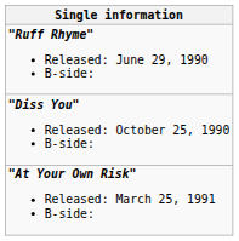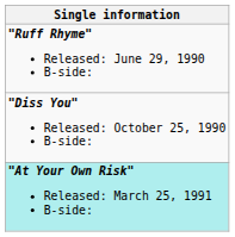 <table class="wikitable">
 <tr>
 <th>Single information</th>
 </tr>
 <tr>
 <td align="left"><strong><em>"Ruff Rhyme"</em></strong><br><ul><li>Released: June 29, 1990</li><li>B-side:</li></ul></td>
 </tr>
 <tr>
 <td align="left"><strong><em>"Diss You"</em></strong><br><ul><li>Released: October 25, 1990</li><li>B-side:</li></ul></td>
 </tr>
 <tr>
-<td align="left"><strong><em>"At Your Own Risk"</em></strong><br><ul><li>Released: March 25, 1991</li><li>B-side:</li></ul></td>
+<td align="left" style="background: paleturquoise;"><strong><em>"At Your Own Risk"</em></strong><br><ul><li>Released: March 25, 1991</li><li>B-side:</li></ul></td>
 </tr>
 </table>
